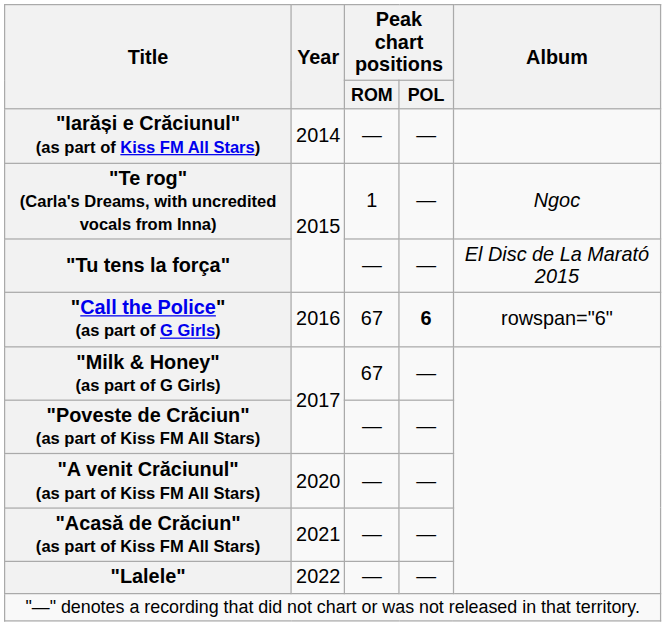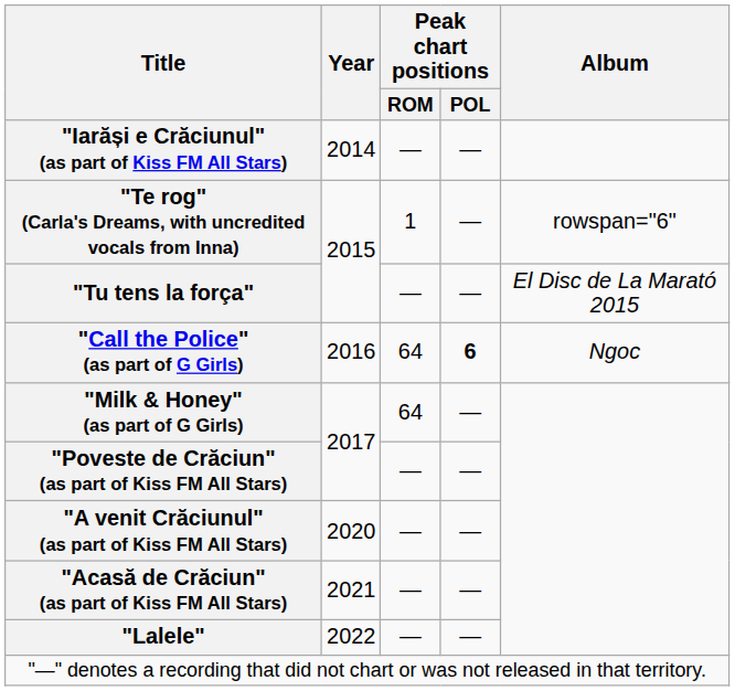 <table class="wikitable plainrowheaders" style="text-align:center;">
 <tr>
 <th scope="col" rowspan="2" style="width:14em;">Title</th>
 <th scope="col" rowspan="2" style="width:1em;">Year</th>
 <th scope="col" colspan="2" style="width:5em;">Peak chart positions</th>
 <th scope="col" rowspan="2" style="width:10em;">Album</th>
 </tr>
 <tr>
 <th scope="col" style="width:2.5em;font-size:90%;">ROM<br></th>
 <th scope="col" style="width:2.5em;font-size:90%;">POL<br></th>
 </tr>
 <tr>
 <th scope="row">"Iarăși e Crăciunul"<br><small>(as part of <a href='#'>Kiss FM All Stars</a>)</small></th>
 <td>2014</td>
 <td>—</td>
 <td>—</td>
 <td></td>
 </tr>
 <tr>
 <th scope="row">"Te rog"<br><small>(Carla's Dreams, with uncredited vocals from Inna)</small></th>
 <td rowspan="2">2015</td>
 <td>1</td>
 <td>—</td>
-<td rowspan="1"><em>Ngoc</em></td>
+<td>rowspan="6" </td>
 </tr>
 <tr>
 <th scope="row">"Tu tens la força"</th>
 <td>—</td>
 <td>—</td>
 <td rowspan="1"><em>El Disc de La Marató 2015</em></td>
 </tr>
 <tr>
 <th scope="row">"<a href='#'>Call the Police</a>"<br><small>(as part of <a href='#'>G Girls</a>)</small></th>
 <td rowspan="1">2016</td>
-<td>67</td>
+<td>64</td>
 <td><strong>6</strong></td>
-<td>rowspan="6" </td>
+<td rowspan="1"><em>Ngoc</em></td>
 </tr>
 <tr>
 <th scope="row">"Milk & Honey"<br><small>(as part of G Girls)</small></th>
 <td rowspan="2">2017</td>
-<td>67</td>
+<td>64</td>
 <td>—</td>
 </tr>
 <tr>
 <th scope="row">"Poveste de Crăciun"<br><small>(as part of Kiss FM All Stars)</small></th>
 <td>—</td>
 <td>—</td>
 </tr>
 <tr>
 <th scope="row">"A venit Crăciunul"<br><small>(as part of Kiss FM All Stars)</small></th>
 <td rowspan="1">2020</td>
 <td>—</td>
 <td>—</td>
 </tr>
 <tr>
 <th scope="row">"Acasă de Crăciun"<br><small>(as part of Kiss FM All Stars)</small></th>
 <td rowspan="1">2021</td>
 <td>—</td>
 <td>—</td>
 </tr>
 <tr>
 <th scope="row">"Lalele"</th>
 <td rowspan="1">2022</td>
 <td>—</td>
 <td>—</td>
 </tr>
 <tr>
 <td colspan="5" style="font-size:90%">"—" denotes a recording that did not chart or was not released in that territory.</td>
 </tr>
 </table>
